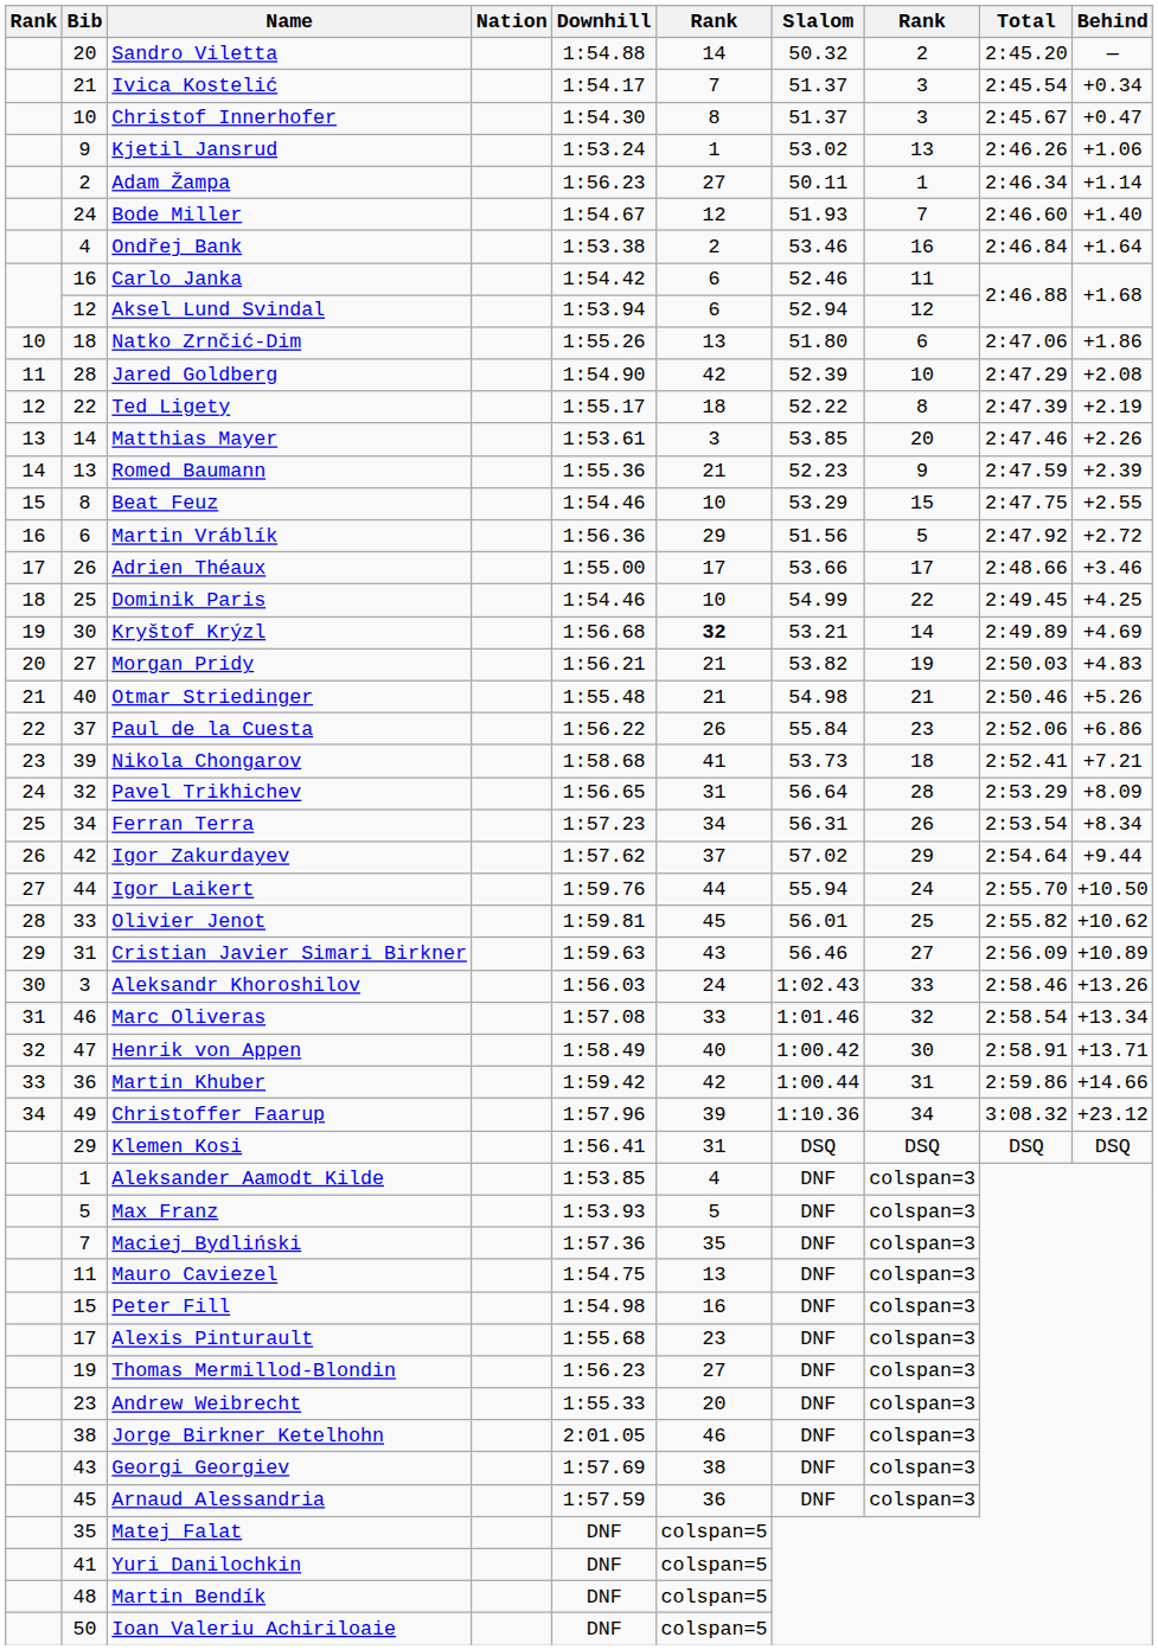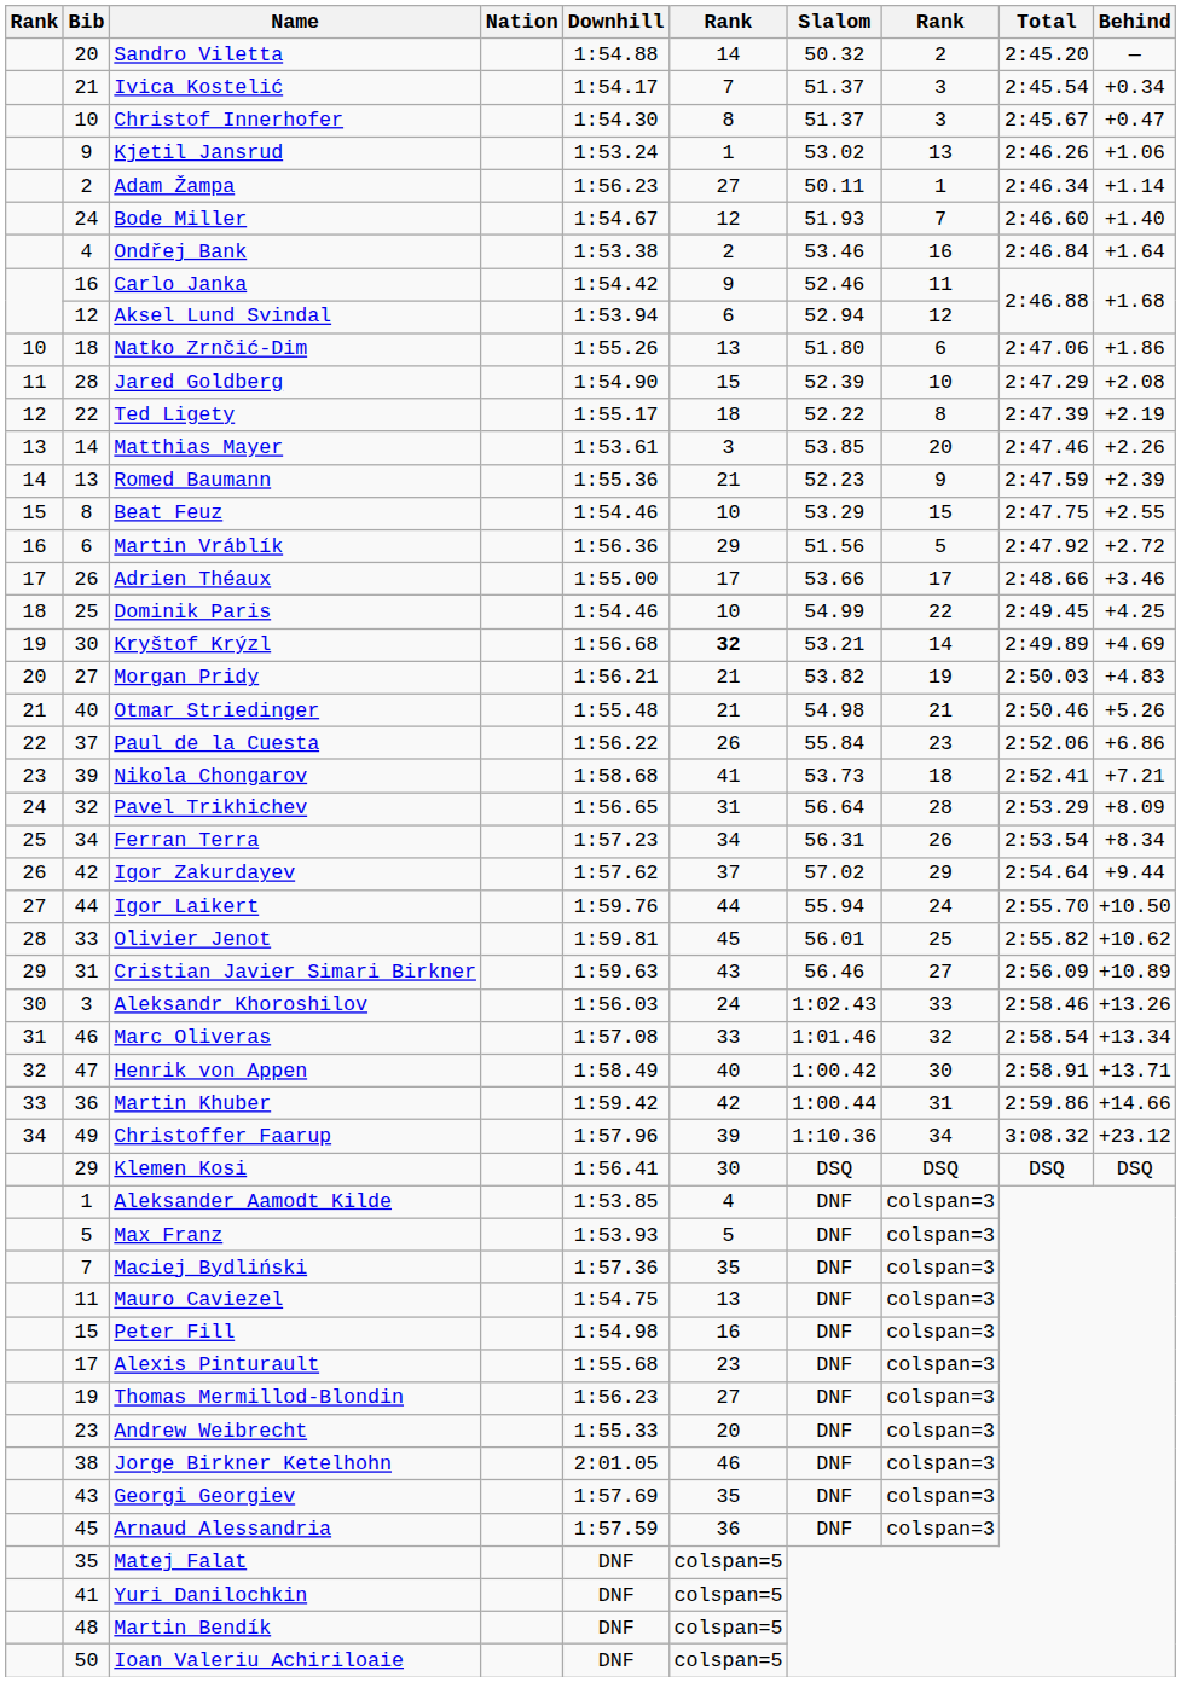 <table class="wikitable sortable" style="text-align:center">
 <tr>
 <th>Rank</th>
 <th>Bib</th>
 <th>Name</th>
 <th>Nation</th>
 <th>Downhill</th>
 <th>Rank</th>
 <th>Slalom</th>
 <th>Rank</th>
 <th>Total</th>
 <th>Behind</th>
 </tr>
 <tr>
 <td></td>
 <td>20</td>
 <td align=left><a href='#'>Sandro Viletta</a></td>
 <td align=left></td>
 <td>1:54.88</td>
 <td>14</td>
 <td>50.32</td>
 <td>2</td>
 <td>2:45.20</td>
 <td>—</td>
 </tr>
 <tr>
 <td></td>
 <td>21</td>
 <td align=left><a href='#'>Ivica Kostelić</a></td>
 <td align=left></td>
 <td>1:54.17</td>
 <td>7</td>
 <td>51.37</td>
 <td>3</td>
 <td>2:45.54</td>
 <td>+0.34</td>
 </tr>
 <tr>
 <td></td>
 <td>10</td>
 <td align=left><a href='#'>Christof Innerhofer</a></td>
 <td align=left></td>
 <td>1:54.30</td>
 <td>8</td>
 <td>51.37</td>
 <td>3</td>
 <td>2:45.67</td>
 <td>+0.47</td>
 </tr>
 <tr>
 <td></td>
 <td>9</td>
 <td align=left><a href='#'>Kjetil Jansrud</a></td>
 <td align=left></td>
 <td>1:53.24</td>
 <td>1</td>
 <td>53.02</td>
 <td>13</td>
 <td>2:46.26</td>
 <td>+1.06</td>
 </tr>
 <tr>
 <td></td>
 <td>2</td>
 <td align=left><a href='#'>Adam Žampa</a></td>
 <td align=left></td>
 <td>1:56.23</td>
 <td>27</td>
 <td>50.11</td>
 <td>1</td>
 <td>2:46.34</td>
 <td>+1.14</td>
 </tr>
 <tr>
 <td></td>
 <td>24</td>
 <td align=left><a href='#'>Bode Miller</a></td>
 <td align=left></td>
 <td>1:54.67</td>
 <td>12</td>
 <td>51.93</td>
 <td>7</td>
 <td>2:46.60</td>
 <td>+1.40</td>
 </tr>
 <tr>
 <td></td>
 <td>4</td>
 <td align=left><a href='#'>Ondřej Bank</a></td>
 <td align=left></td>
 <td>1:53.38</td>
 <td>2</td>
 <td>53.46</td>
 <td>16</td>
 <td>2:46.84</td>
 <td>+1.64</td>
 </tr>
 <tr>
 <td rowspan=2></td>
 <td>16</td>
 <td align=left><a href='#'>Carlo Janka</a></td>
 <td align=left></td>
 <td>1:54.42</td>
-<td>6</td>
+<td>9</td>
 <td>52.46</td>
 <td>11</td>
 <td rowspan=2>2:46.88</td>
 <td rowspan=2>+1.68</td>
 </tr>
 <tr>
 <td>12</td>
 <td align=left><a href='#'>Aksel Lund Svindal</a></td>
 <td align=left></td>
 <td>1:53.94</td>
 <td>6</td>
 <td>52.94</td>
 <td>12</td>
 </tr>
 <tr>
 <td>10</td>
 <td>18</td>
 <td align=left><a href='#'>Natko Zrnčić-Dim</a></td>
 <td align=left></td>
 <td>1:55.26</td>
 <td>13</td>
 <td>51.80</td>
 <td>6</td>
 <td>2:47.06</td>
 <td>+1.86</td>
 </tr>
 <tr>
 <td>11</td>
 <td>28</td>
 <td align=left><a href='#'>Jared Goldberg</a></td>
 <td align=left></td>
 <td>1:54.90</td>
-<td>42</td>
+<td>15</td>
 <td>52.39</td>
 <td>10</td>
 <td>2:47.29</td>
 <td>+2.08</td>
 </tr>
 <tr>
 <td>12</td>
 <td>22</td>
 <td align=left><a href='#'>Ted Ligety</a></td>
 <td align=left></td>
 <td>1:55.17</td>
 <td>18</td>
 <td>52.22</td>
 <td>8</td>
 <td>2:47.39</td>
 <td>+2.19</td>
 </tr>
 <tr>
 <td>13</td>
 <td>14</td>
 <td align=left><a href='#'>Matthias Mayer</a></td>
 <td align=left></td>
 <td>1:53.61</td>
 <td>3</td>
 <td>53.85</td>
 <td>20</td>
 <td>2:47.46</td>
 <td>+2.26</td>
 </tr>
 <tr>
 <td>14</td>
 <td>13</td>
 <td align=left><a href='#'>Romed Baumann</a></td>
 <td align=left></td>
 <td>1:55.36</td>
 <td>21</td>
 <td>52.23</td>
 <td>9</td>
 <td>2:47.59</td>
 <td>+2.39</td>
 </tr>
 <tr>
 <td>15</td>
 <td>8</td>
 <td align=left><a href='#'>Beat Feuz</a></td>
 <td align=left></td>
 <td>1:54.46</td>
 <td>10</td>
 <td>53.29</td>
 <td>15</td>
 <td>2:47.75</td>
 <td>+2.55</td>
 </tr>
 <tr>
 <td>16</td>
 <td>6</td>
 <td align=left><a href='#'>Martin Vráblík</a></td>
 <td align=left></td>
 <td>1:56.36</td>
 <td>29</td>
 <td>51.56</td>
 <td>5</td>
 <td>2:47.92</td>
 <td>+2.72</td>
 </tr>
 <tr>
 <td>17</td>
 <td>26</td>
 <td align=left><a href='#'>Adrien Théaux</a></td>
 <td align=left></td>
 <td>1:55.00</td>
 <td>17</td>
 <td>53.66</td>
 <td>17</td>
 <td>2:48.66</td>
 <td>+3.46</td>
 </tr>
 <tr>
 <td>18</td>
 <td>25</td>
 <td align=left><a href='#'>Dominik Paris</a></td>
 <td align=left></td>
 <td>1:54.46</td>
 <td>10</td>
 <td>54.99</td>
 <td>22</td>
 <td>2:49.45</td>
 <td>+4.25</td>
 </tr>
 <tr>
 <td>19</td>
 <td>30</td>
 <td align=left><a href='#'>Kryštof Krýzl</a></td>
 <td align=left></td>
 <td>1:56.68</td>
 <td><strong>32</strong></td>
 <td>53.21</td>
 <td>14</td>
 <td>2:49.89</td>
 <td>+4.69</td>
 </tr>
 <tr>
 <td>20</td>
 <td>27</td>
 <td align=left><a href='#'>Morgan Pridy</a></td>
 <td align=left></td>
 <td>1:56.21</td>
 <td>21</td>
 <td>53.82</td>
 <td>19</td>
 <td>2:50.03</td>
 <td>+4.83</td>
 </tr>
 <tr>
 <td>21</td>
 <td>40</td>
 <td align=left><a href='#'>Otmar Striedinger</a></td>
 <td align=left></td>
 <td>1:55.48</td>
 <td>21</td>
 <td>54.98</td>
 <td>21</td>
 <td>2:50.46</td>
 <td>+5.26</td>
 </tr>
 <tr>
 <td>22</td>
 <td>37</td>
 <td align=left><a href='#'>Paul de la Cuesta</a></td>
 <td align=left></td>
 <td>1:56.22</td>
 <td>26</td>
 <td>55.84</td>
 <td>23</td>
 <td>2:52.06</td>
 <td>+6.86</td>
 </tr>
 <tr>
 <td>23</td>
 <td>39</td>
 <td align=left><a href='#'>Nikola Chongarov</a></td>
 <td align=left></td>
 <td>1:58.68</td>
 <td>41</td>
 <td>53.73</td>
 <td>18</td>
 <td>2:52.41</td>
 <td>+7.21</td>
 </tr>
 <tr>
 <td>24</td>
 <td>32</td>
 <td align=left><a href='#'>Pavel Trikhichev</a></td>
 <td align=left></td>
 <td>1:56.65</td>
 <td>31</td>
 <td>56.64</td>
 <td>28</td>
 <td>2:53.29</td>
 <td>+8.09</td>
 </tr>
 <tr>
 <td>25</td>
 <td>34</td>
 <td align=left><a href='#'>Ferran Terra</a></td>
 <td align=left></td>
 <td>1:57.23</td>
 <td>34</td>
 <td>56.31</td>
 <td>26</td>
 <td>2:53.54</td>
 <td>+8.34</td>
 </tr>
 <tr>
 <td>26</td>
 <td>42</td>
 <td align=left><a href='#'>Igor Zakurdayev</a></td>
 <td align=left></td>
 <td>1:57.62</td>
 <td>37</td>
 <td>57.02</td>
 <td>29</td>
 <td>2:54.64</td>
 <td>+9.44</td>
 </tr>
 <tr>
 <td>27</td>
 <td>44</td>
 <td align=left><a href='#'>Igor Laikert</a></td>
 <td align=left></td>
 <td>1:59.76</td>
 <td>44</td>
 <td>55.94</td>
 <td>24</td>
 <td>2:55.70</td>
 <td>+10.50</td>
 </tr>
 <tr>
 <td>28</td>
 <td>33</td>
 <td align=left><a href='#'>Olivier Jenot</a></td>
 <td align=left></td>
 <td>1:59.81</td>
 <td>45</td>
 <td>56.01</td>
 <td>25</td>
 <td>2:55.82</td>
 <td>+10.62</td>
 </tr>
 <tr>
 <td>29</td>
 <td>31</td>
 <td align=left><a href='#'>Cristian Javier Simari Birkner</a></td>
 <td align=left></td>
 <td>1:59.63</td>
 <td>43</td>
 <td>56.46</td>
 <td>27</td>
 <td>2:56.09</td>
 <td>+10.89</td>
 </tr>
 <tr>
 <td>30</td>
 <td>3</td>
 <td align=left><a href='#'>Aleksandr Khoroshilov</a></td>
 <td align=left></td>
 <td>1:56.03</td>
 <td>24</td>
 <td>1:02.43</td>
 <td>33</td>
 <td>2:58.46</td>
 <td>+13.26</td>
 </tr>
 <tr>
 <td>31</td>
 <td>46</td>
 <td align=left><a href='#'>Marc Oliveras</a></td>
 <td align=left></td>
 <td>1:57.08</td>
 <td>33</td>
 <td>1:01.46</td>
 <td>32</td>
 <td>2:58.54</td>
 <td>+13.34</td>
 </tr>
 <tr>
 <td>32</td>
 <td>47</td>
 <td align=left><a href='#'>Henrik von Appen</a></td>
 <td align=left></td>
 <td>1:58.49</td>
 <td>40</td>
 <td>1:00.42</td>
 <td>30</td>
 <td>2:58.91</td>
 <td>+13.71</td>
 </tr>
 <tr>
 <td>33</td>
 <td>36</td>
 <td align=left><a href='#'>Martin Khuber</a></td>
 <td align=left></td>
 <td>1:59.42</td>
 <td>42</td>
 <td>1:00.44</td>
 <td>31</td>
 <td>2:59.86</td>
 <td>+14.66</td>
 </tr>
 <tr>
 <td>34</td>
 <td>49</td>
 <td align=left><a href='#'>Christoffer Faarup</a></td>
 <td align=left></td>
 <td>1:57.96</td>
 <td>39</td>
 <td>1:10.36</td>
 <td>34</td>
 <td>3:08.32</td>
 <td>+23.12</td>
 </tr>
 <tr>
 <td></td>
 <td>29</td>
 <td align=left><a href='#'>Klemen Kosi</a></td>
 <td align=left></td>
 <td>1:56.41</td>
-<td>31</td>
+<td>30</td>
 <td>DSQ</td>
 <td>DSQ</td>
 <td>DSQ</td>
 <td>DSQ</td>
 </tr>
 <tr>
 <td></td>
 <td>1</td>
 <td align=left><a href='#'>Aleksander Aamodt Kilde</a></td>
 <td align=left></td>
 <td>1:53.85</td>
 <td>4</td>
 <td>DNF</td>
 <td>colspan=3 </td>
 </tr>
 <tr>
 <td></td>
 <td>5</td>
 <td align=left><a href='#'>Max Franz</a></td>
 <td align=left></td>
 <td>1:53.93</td>
 <td>5</td>
 <td>DNF</td>
 <td>colspan=3 </td>
 </tr>
 <tr>
 <td></td>
 <td>7</td>
 <td align=left><a href='#'>Maciej Bydliński</a></td>
 <td align=left></td>
 <td>1:57.36</td>
 <td>35</td>
 <td>DNF</td>
 <td>colspan=3 </td>
 </tr>
 <tr>
 <td></td>
 <td>11</td>
 <td align=left><a href='#'>Mauro Caviezel</a></td>
 <td align=left></td>
 <td>1:54.75</td>
 <td>13</td>
 <td>DNF</td>
 <td>colspan=3 </td>
 </tr>
 <tr>
 <td></td>
 <td>15</td>
 <td align=left><a href='#'>Peter Fill</a></td>
 <td align=left></td>
 <td>1:54.98</td>
 <td>16</td>
 <td>DNF</td>
 <td>colspan=3 </td>
 </tr>
 <tr>
 <td></td>
 <td>17</td>
 <td align=left><a href='#'>Alexis Pinturault</a></td>
 <td align=left></td>
 <td>1:55.68</td>
 <td>23</td>
 <td>DNF</td>
 <td>colspan=3 </td>
 </tr>
 <tr>
 <td></td>
 <td>19</td>
 <td align=left><a href='#'>Thomas Mermillod-Blondin</a></td>
 <td align=left></td>
 <td>1:56.23</td>
 <td>27</td>
 <td>DNF</td>
 <td>colspan=3 </td>
 </tr>
 <tr>
 <td></td>
 <td>23</td>
 <td align=left><a href='#'>Andrew Weibrecht</a></td>
 <td align=left></td>
 <td>1:55.33</td>
 <td>20</td>
 <td>DNF</td>
 <td>colspan=3 </td>
 </tr>
 <tr>
 <td></td>
 <td>38</td>
 <td align=left><a href='#'>Jorge Birkner Ketelhohn</a></td>
 <td align=left></td>
 <td>2:01.05</td>
 <td>46</td>
 <td>DNF</td>
 <td>colspan=3 </td>
 </tr>
 <tr>
 <td></td>
 <td>43</td>
 <td align=left><a href='#'>Georgi Georgiev</a></td>
 <td align=left></td>
 <td>1:57.69</td>
-<td>38</td>
+<td>35</td>
 <td>DNF</td>
 <td>colspan=3 </td>
 </tr>
 <tr>
 <td></td>
 <td>45</td>
 <td align=left><a href='#'>Arnaud Alessandria</a></td>
 <td align=left></td>
 <td>1:57.59</td>
 <td>36</td>
 <td>DNF</td>
 <td>colspan=3 </td>
 </tr>
 <tr>
 <td></td>
 <td>35</td>
 <td align=left><a href='#'>Matej Falat</a></td>
 <td align=left></td>
 <td>DNF</td>
 <td>colspan=5 </td>
 </tr>
 <tr>
 <td></td>
 <td>41</td>
 <td align=left><a href='#'>Yuri Danilochkin</a></td>
 <td align=left></td>
 <td>DNF</td>
 <td>colspan=5 </td>
 </tr>
 <tr>
 <td></td>
 <td>48</td>
 <td align=left><a href='#'>Martin Bendík</a></td>
 <td align=left></td>
 <td>DNF</td>
 <td>colspan=5 </td>
 </tr>
 <tr>
 <td></td>
 <td>50</td>
 <td align=left><a href='#'>Ioan Valeriu Achiriloaie</a></td>
 <td align=left></td>
 <td>DNF</td>
 <td>colspan=5 </td>
 </tr>
 </table>
